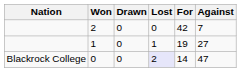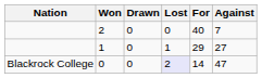 <table class="wikitable">
 <tr>
 <th>Nation</th>
 <th>Won</th>
 <th>Drawn</th>
 <th>Lost</th>
 <th>For</th>
 <th>Against</th>
 </tr>
 <tr>
 <td></td>
 <td>2</td>
 <td>0</td>
 <td>0</td>
-<td>42</td>
+<td>40</td>
 <td>7</td>
 </tr>
 <tr>
 <td></td>
 <td>1</td>
 <td>0</td>
 <td>1</td>
-<td>19</td>
+<td>29</td>
 <td>27</td>
 </tr>
 <tr>
 <td>Blackrock College</td>
 <td>0</td>
 <td>0</td>
 <td style="background: lavender;">2</td>
 <td>14</td>
 <td>47</td>
 </tr>
 </table>
